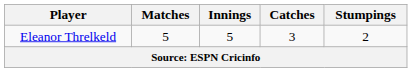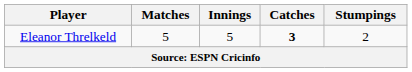 <table class="wikitable" style="text-align:center; width:55%;">
 <tr>
 <th>Player</th>
 <th>Matches</th>
 <th>Innings</th>
 <th>Catches</th>
 <th>Stumpings</th>
 </tr>
 <tr>
 <td><a href='#'>Eleanor Threlkeld</a></td>
 <td>5</td>
 <td>5</td>
-<td>3</td>
+<td><strong>3</strong></td>
 <td>2</td>
 </tr>
 <tr>
 <th colspan="5"><small>Source: ESPN Cricinfo </small></th>
 </tr>
 </table>
